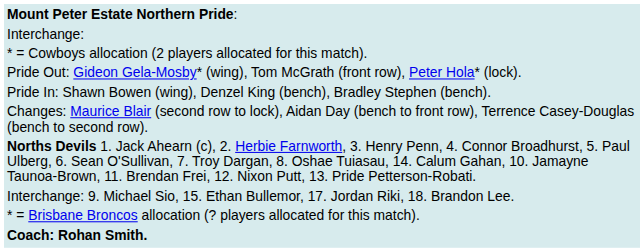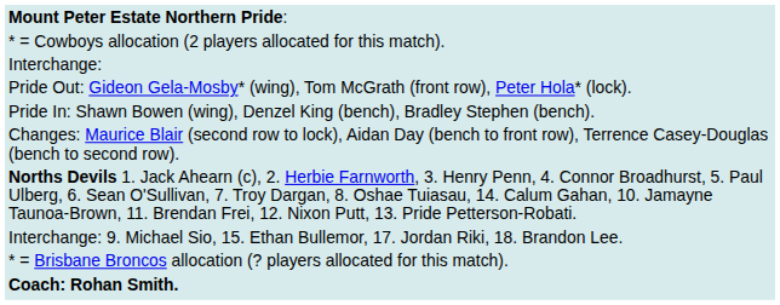 <table style="background:#d7ebed; font-size:85%; width:100%;">
 <tr>
 <td><strong>Mount Peter Estate Northern Pride</strong>:             </td>
 </tr>
 <tr>
-<td>Interchange:    </td>
+<td>* = Cowboys allocation (2 players allocated for this match).</td>
 </tr>
 <tr>
-<td>* = Cowboys allocation (2 players allocated for this match).</td>
+<td>Interchange:    </td>
 </tr>
 <tr>
 <td>Pride Out: <a href='#'>Gideon Gela-Mosby</a>* (wing), Tom McGrath (front row), <a href='#'>Peter Hola</a>* (lock).</td>
 </tr>
 <tr>
 <td>Pride In: Shawn Bowen (wing), Denzel King (bench), Bradley Stephen (bench).</td>
 </tr>
 <tr>
 <td>Changes: <a href='#'>Maurice Blair</a> (second row to lock), Aidan Day (bench to front row), Terrence Casey-Douglas (bench to second row).</td>
 </tr>
 <tr>
 <td><strong>Norths Devils</strong> 1. Jack Ahearn (c), 2. <a href='#'>Herbie Farnworth</a>, 3. Henry Penn, 4. Connor Broadhurst, 5. Paul Ulberg, 6. Sean O'Sullivan, 7. Troy Dargan, 8. Oshae Tuiasau, 14. Calum Gahan, 10. Jamayne Taunoa-Brown, 11. Brendan Frei, 12. Nixon Putt, 13. Pride Petterson-Robati.</td>
 </tr>
 <tr>
 <td>Interchange: 9. Michael Sio, 15. Ethan Bullemor, 17. Jordan Riki, 18. Brandon Lee.</td>
 </tr>
 <tr>
 <td>* = <a href='#'>Brisbane Broncos</a> allocation (? players allocated for this match).</td>
 </tr>
 <tr>
 <td><strong>Coach: Rohan Smith.</strong></td>
 </tr>
 <tr>
 </tr>
 </table>
